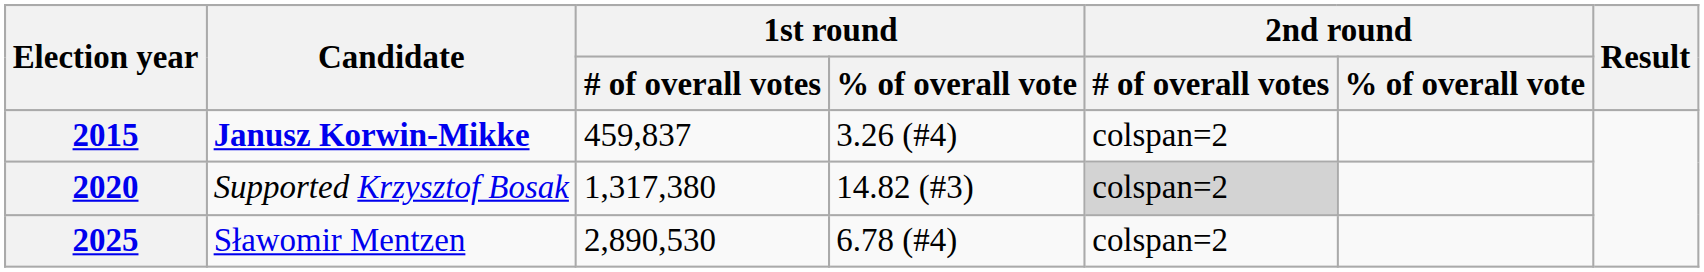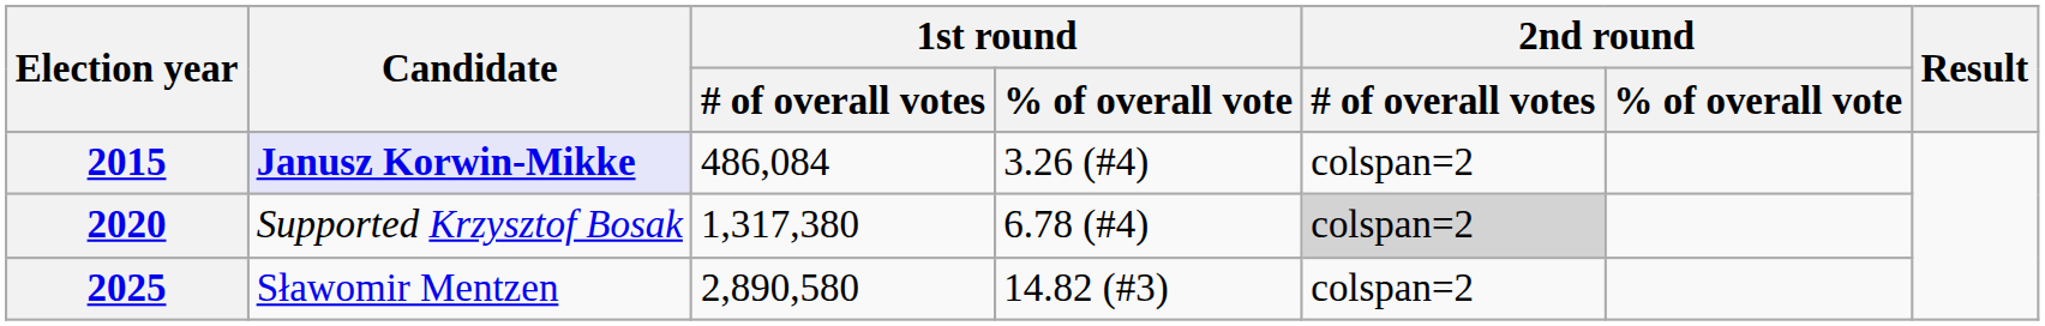 <table class=wikitable>
 <tr>
 <th rowspan=2>Election year</th>
 <th rowspan=2>Candidate</th>
 <th colspan=2>1st round</th>
 <th colspan=2>2nd round</th>
 <th rowspan="2">Result</th>
 </tr>
 <tr>
 <th># of overall votes</th>
 <th>% of overall vote</th>
 <th># of overall votes</th>
 <th>% of overall vote</th>
 </tr>
 <tr>
 <th><a href='#'>2015</a></th>
-<td><strong><a href='#'>Janusz Korwin-Mikke</a></strong></td>
-<td>459,837</td>
+<td style="background: lavender;"><strong><a href='#'>Janusz Korwin-Mikke</a></strong></td>
+<td>486,084</td>
 <td>3.26 (#4)</td>
 <td>colspan=2 </td>
 <td></td>
 </tr>
 <tr>
 <th><a href='#'>2020</a></th>
 <td><em>Supported <a href='#'>Krzysztof Bosak</a></em></td>
 <td>1,317,380</td>
-<td>14.82 (#3)</td>
+<td>6.78 (#4)</td>
 <td style="background: lightgrey;">colspan=2 </td>
 <td></td>
 </tr>
 <tr>
 <th><a href='#'>2025</a></th>
 <td><a href='#'>Sławomir Mentzen</a></td>
-<td>2,890,530</td>
-<td>6.78 (#4)</td>
+<td>2,890,580</td>
+<td>14.82 (#3)</td>
 <td>colspan=2 </td>
 <td></td>
 </tr>
 </table>
